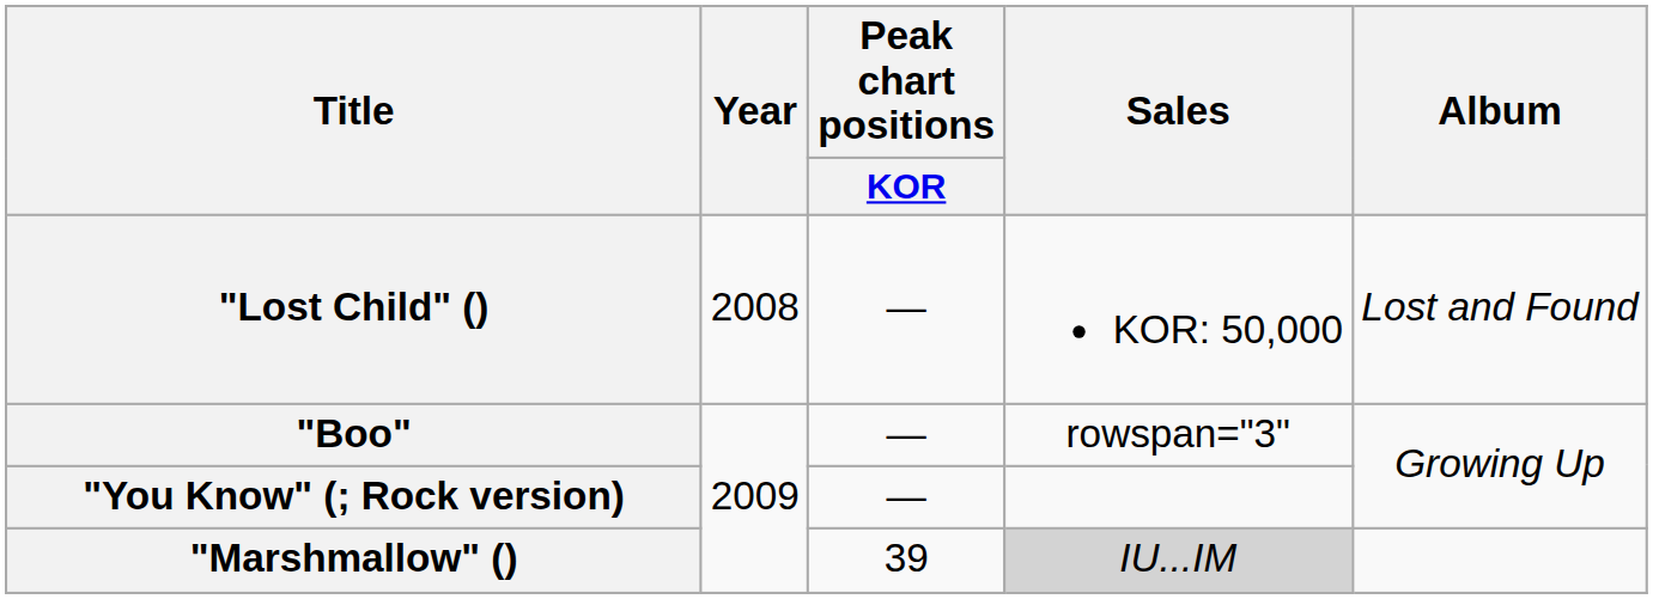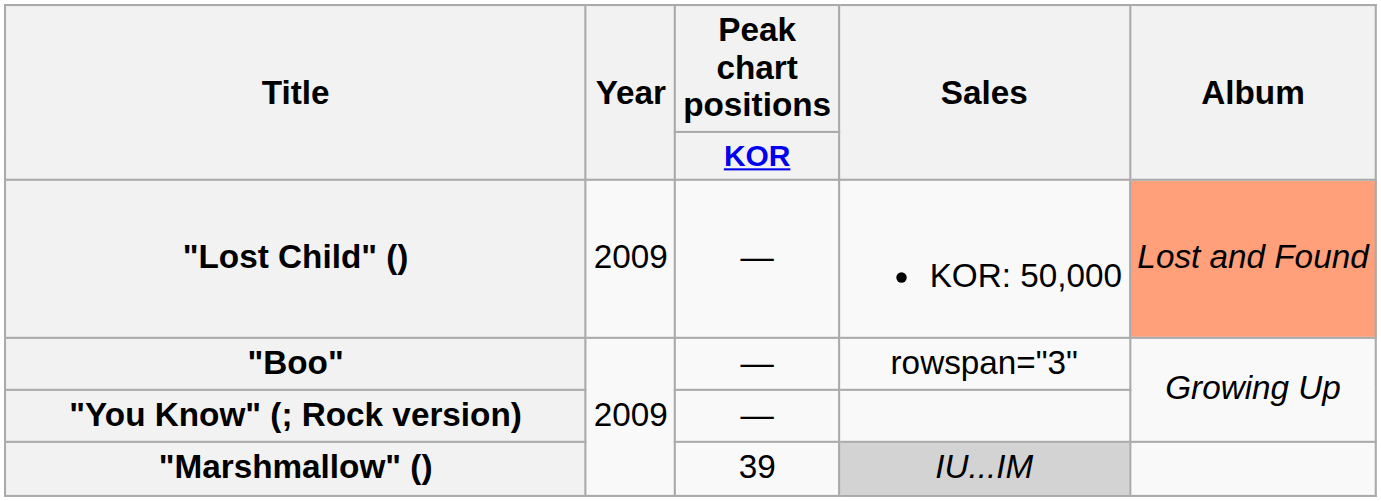 <table class="wikitable plainrowheaders" style="text-align:center;">
 <tr>
 <th rowspan="2" scope="col" style="width:17em;">Title</th>
 <th rowspan="2" scope="col">Year</th>
 <th scope="col">Peak chart positions</th>
 <th rowspan="2">Sales<br></th>
 <th rowspan="2" scope="col">Album</th>
 </tr>
 <tr>
 <th scope="col" style="width:2.6em;font-size:90%;"><a href='#'>KOR</a><br></th>
 </tr>
 <tr>
 <th scope="row">"Lost Child" ()</th>
-<td>2008</td>
+<td>2009</td>
 <td>—</td>
 <td><br><ul><li>KOR: 50,000</li></ul></td>
-<td><em>Lost and Found</em></td>
+<td style="background: lightsalmon;"><em>Lost and Found</em></td>
 </tr>
 <tr>
 <th scope="row">"Boo"</th>
 <td rowspan="3">2009</td>
 <td>—</td>
 <td>rowspan="3" </td>
 <td rowspan="2"><em>Growing Up</em></td>
 </tr>
 <tr>
 <th scope="row">"You Know" (; Rock version)</th>
 <td>—</td>
 </tr>
 <tr>
 <th scope="row">"Marshmallow" ()<br></th>
 <td>39</td>
 <td style="background: lightgrey;"><em>IU...IM</em></td>
 </tr>
 </table>
